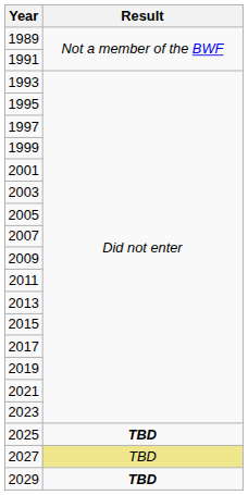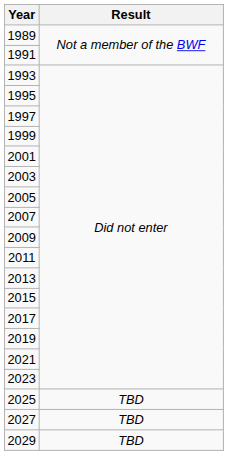 <table class="wikitable" style="text-align: center; font-size:90%">
 <tr>
 <th>Year</th>
 <th style="width:200px">Result</th>
 </tr>
 <tr>
 <td> 1989</td>
 <td rowspan="2"><em>Not a member of the <a href='#'>BWF</a></em></td>
 </tr>
 <tr>
 <td> 1991</td>
 </tr>
 <tr>
 <td> 1993</td>
 <td rowspan="16"><em>Did not enter</em></td>
 </tr>
 <tr>
 <td> 1995</td>
 </tr>
 <tr>
 <td> 1997</td>
 </tr>
 <tr>
 <td> 1999</td>
 </tr>
 <tr>
 <td> 2001</td>
 </tr>
 <tr>
 <td> 2003</td>
 </tr>
 <tr>
 <td> 2005</td>
 </tr>
 <tr>
 <td> 2007</td>
 </tr>
 <tr>
 <td> 2009</td>
 </tr>
 <tr>
 <td> 2011</td>
 </tr>
 <tr>
 <td> 2013</td>
 </tr>
 <tr>
 <td> 2015</td>
 </tr>
 <tr>
 <td> 2017</td>
 </tr>
 <tr>
 <td> 2019</td>
 </tr>
 <tr>
 <td> 2021</td>
 </tr>
 <tr>
 <td> 2023</td>
 </tr>
 <tr>
 <td> 2025</td>
-<td><strong><em>TBD</em></strong></td>
+<td><em>TBD</em></td>
 </tr>
 <tr>
 <td> 2027</td>
-<td style="background: khaki;"><em>TBD</em></td>
+<td><em>TBD</em></td>
 </tr>
 <tr>
 <td> 2029</td>
-<td><strong><em>TBD</em></strong></td>
+<td><em>TBD</em></td>
 </tr>
 </table>
